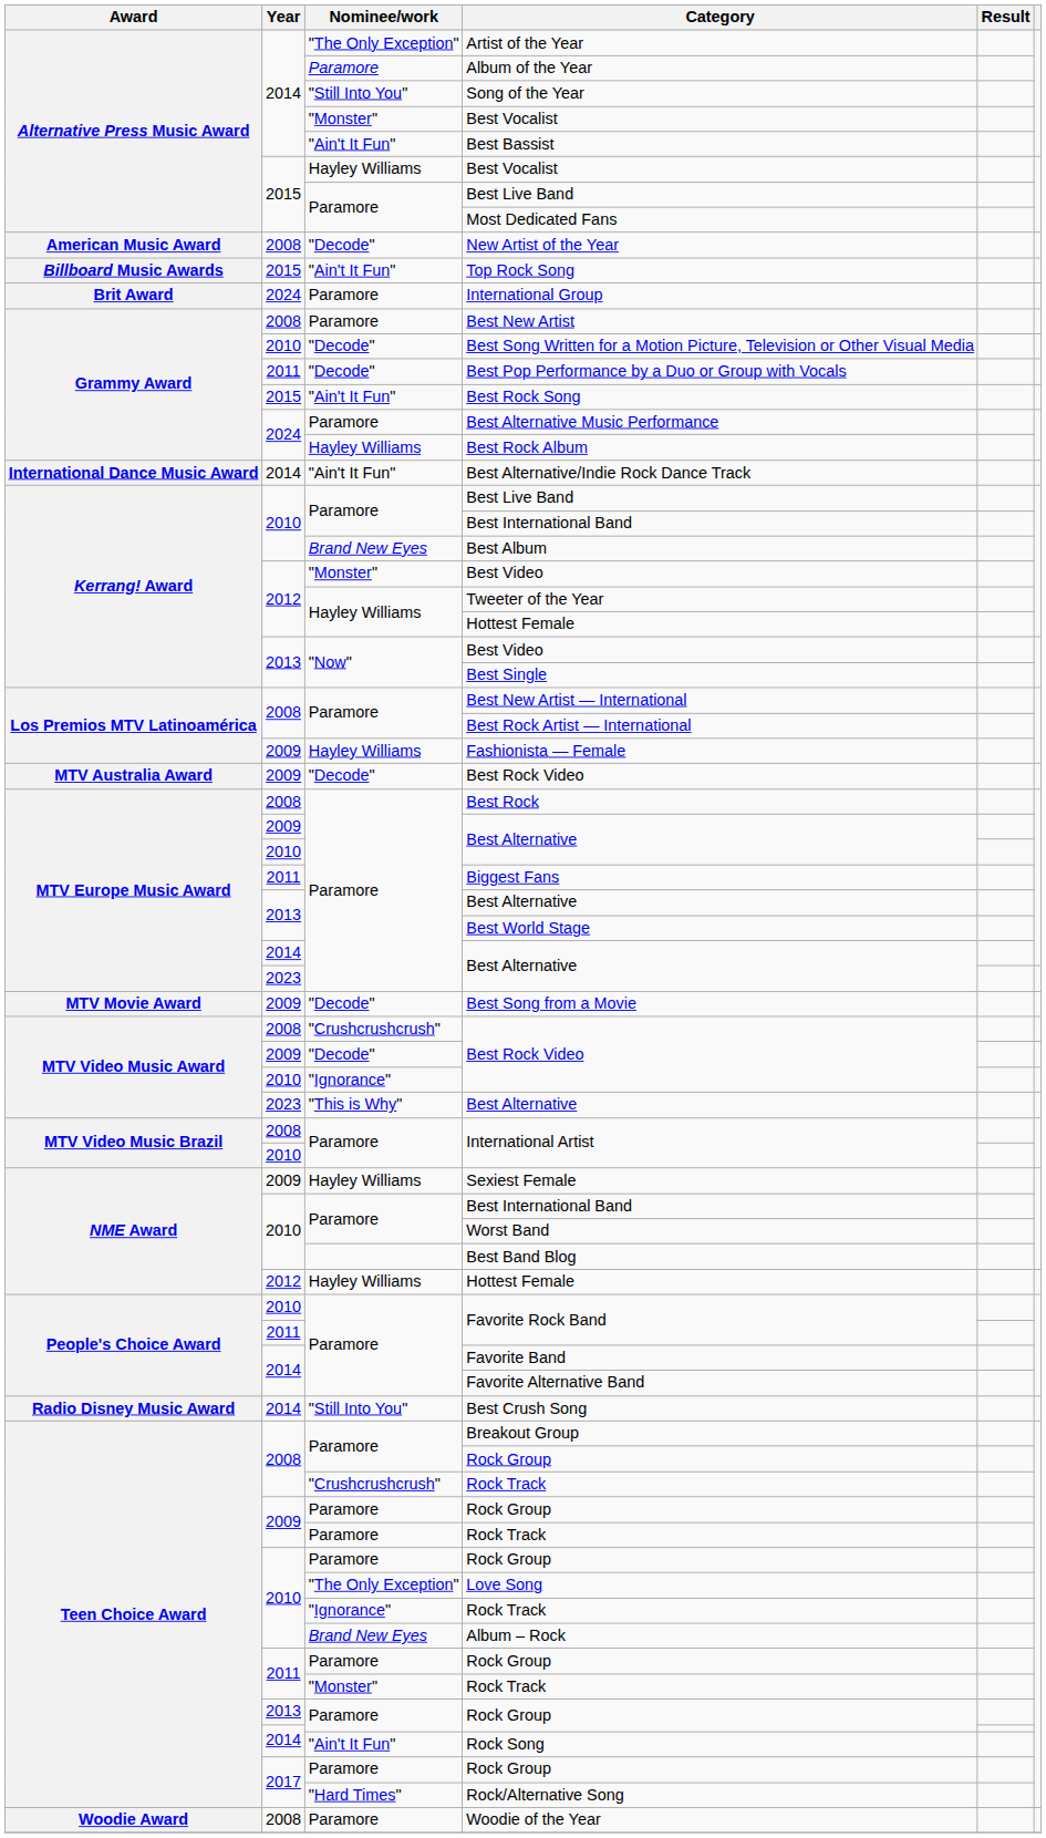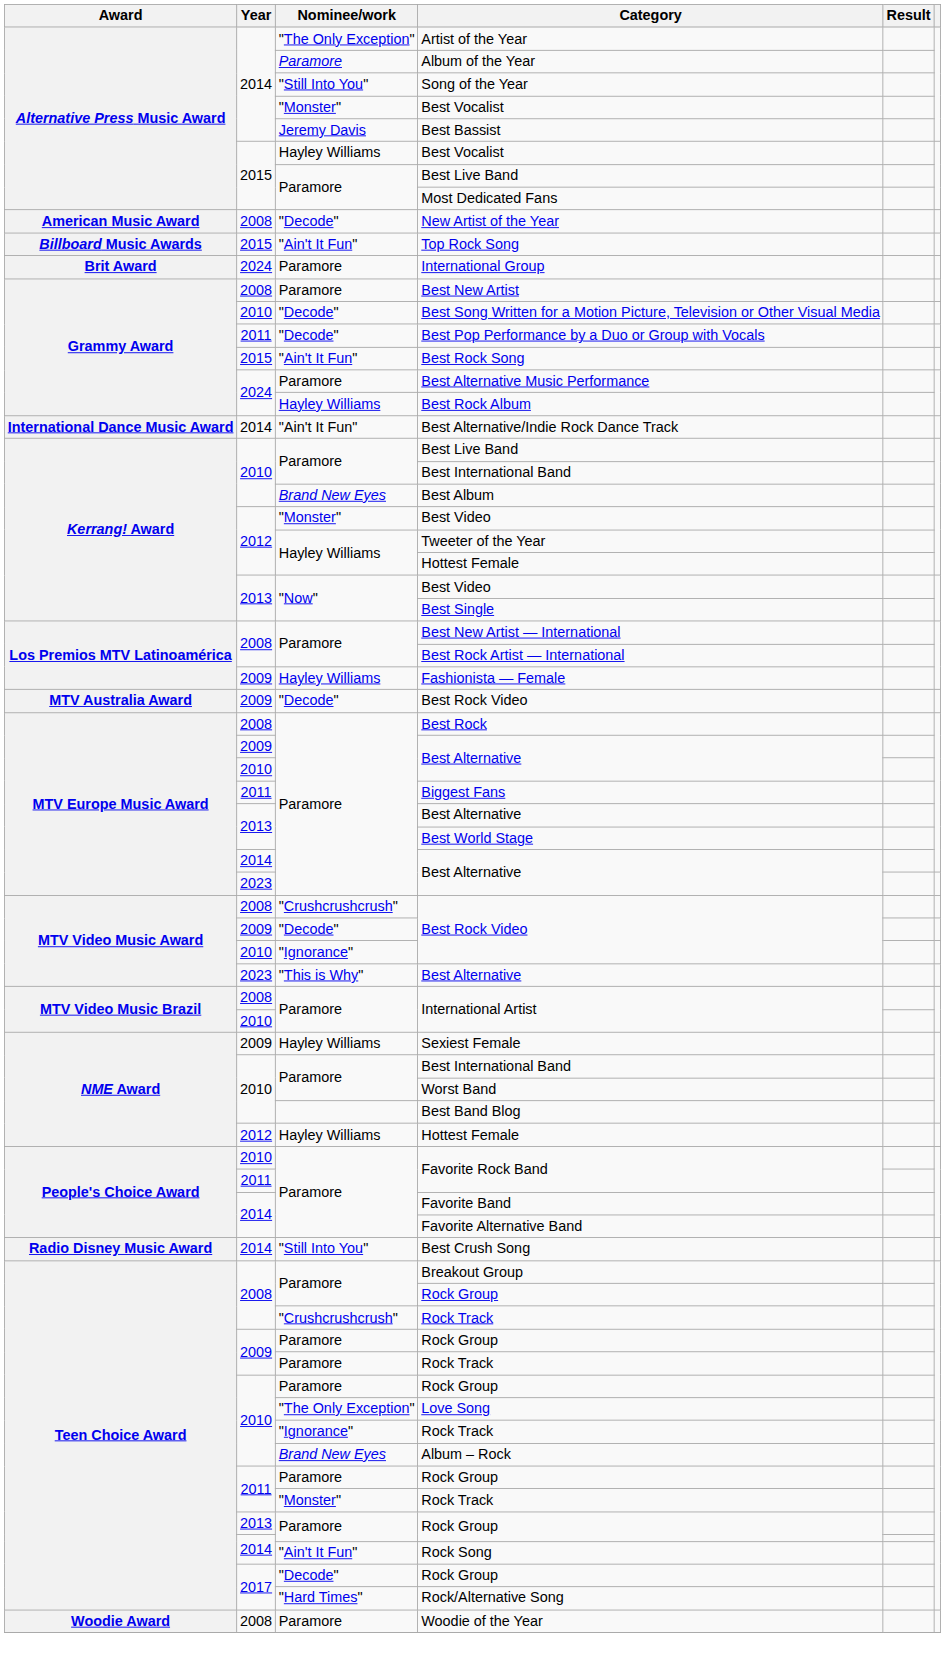 <table class="wikitable plainrowheaders sortable">
 <tr style="background:#ccc; text-align:center;">
 <th scope="col">Award</th>
 <th scope="col">Year</th>
 <th scope="col">Nominee/work</th>
 <th scope="col">Category</th>
 <th scope="col">Result</th>
 <th scope="col" class="unsortable"></th>
 </tr>
 <tr>
 <th scope="row" rowspan="8"><a href='#'><em>Alternative Press</em> Music Award</a></th>
 <td style="text-align:center;" rowspan="5">2014</td>
 <td>"<a href='#'>The Only Exception</a>"</td>
 <td>Artist of the Year</td>
 <td></td>
 <td rowspan="5"></td>
 </tr>
 <tr>
 <td><em><a href='#'>Paramore</a></em></td>
 <td>Album of the Year</td>
 <td></td>
 </tr>
 <tr>
 <td>"<a href='#'>Still Into You</a>"</td>
 <td>Song of the Year</td>
 <td></td>
 </tr>
 <tr>
 <td>"<a href='#'>Monster</a>"</td>
 <td>Best Vocalist</td>
 <td></td>
 </tr>
 <tr>
-<td>"<a href='#'>Ain't It Fun</a>"</td>
+<td><a href='#'>Jeremy Davis</a></td>
 <td>Best Bassist</td>
 <td></td>
 </tr>
 <tr>
 <td style="text-align:center;" rowspan="3">2015</td>
 <td>Hayley Williams</td>
 <td>Best Vocalist</td>
 <td></td>
 <td rowspan="3"></td>
 </tr>
 <tr>
 <td rowspan="2">Paramore</td>
 <td>Best Live Band</td>
 <td></td>
 </tr>
 <tr>
 <td>Most Dedicated Fans</td>
 <td></td>
 </tr>
 <tr>
 <th scope="row"><a href='#'>American Music Award</a></th>
 <td style="text-align:center;"><a href='#'>2008</a></td>
 <td>"<a href='#'>Decode</a>"</td>
 <td><a href='#'>New Artist of the Year</a></td>
 <td></td>
 <td></td>
 </tr>
 <tr>
 <th scope="row"><a href='#'><em>Billboard</em> Music Awards</a></th>
 <td style="text-align:center;"><a href='#'>2015</a></td>
 <td>"<a href='#'>Ain't It Fun</a>"</td>
 <td><a href='#'>Top Rock Song</a></td>
 <td></td>
 <td></td>
 </tr>
 <tr>
 <th scope="row"><a href='#'>Brit Award</a></th>
 <td style="text-align:center;"><a href='#'>2024</a></td>
 <td>Paramore</td>
 <td><a href='#'>International Group</a></td>
 <td></td>
 <td></td>
 </tr>
 <tr>
 <th scope="row" rowspan="6"><a href='#'>Grammy Award</a></th>
 <td style="text-align:center;"><a href='#'>2008</a></td>
 <td>Paramore</td>
 <td><a href='#'>Best New Artist</a></td>
 <td></td>
 <td></td>
 </tr>
 <tr>
 <td style="text-align:center;"><a href='#'>2010</a></td>
 <td>"<a href='#'>Decode</a>"</td>
 <td><a href='#'>Best Song Written for a Motion Picture, Television or Other Visual Media</a></td>
 <td></td>
 <td></td>
 </tr>
 <tr>
 <td style="text-align:center;"><a href='#'>2011</a></td>
 <td>"<a href='#'>Decode</a>"</td>
 <td><a href='#'>Best Pop Performance by a Duo or Group with Vocals</a></td>
 <td></td>
 <td></td>
 </tr>
 <tr>
 <td style="text-align:center;"><a href='#'>2015</a></td>
 <td>"<a href='#'>Ain't It Fun</a>"</td>
 <td><a href='#'>Best Rock Song</a></td>
 <td></td>
 <td></td>
 </tr>
 <tr>
 <td style="text-align:center;" rowspan="2"><a href='#'>2024</a></td>
 <td>Paramore</td>
 <td><a href='#'>Best Alternative Music Performance</a></td>
 <td></td>
 <td rowspan="2"></td>
 </tr>
 <tr>
 <td><a href='#'>Hayley Williams</a></td>
 <td><a href='#'>Best Rock Album</a></td>
 <td></td>
 </tr>
 <tr>
 <th scope="row"><a href='#'>International Dance Music Award</a></th>
 <td style="text-align:center;">2014</td>
 <td>"Ain't It Fun"</td>
 <td>Best Alternative/Indie Rock Dance Track</td>
 <td></td>
 <td></td>
 </tr>
 <tr>
 <th scope="row" rowspan="8"><a href='#'><em>Kerrang!</em> Award</a></th>
 <td style="text-align:center;" rowspan="3"><a href='#'>2010</a></td>
 <td rowspan="2">Paramore</td>
 <td>Best Live Band</td>
 <td></td>
 <td rowspan="6" style="text-align:center;"></td>
 </tr>
 <tr>
 <td>Best International Band</td>
 <td></td>
 </tr>
 <tr>
 <td><em><a href='#'>Brand New Eyes</a></em></td>
 <td>Best Album</td>
 <td></td>
 </tr>
 <tr>
 <td style="text-align:center;" rowspan="3"><a href='#'>2012</a></td>
 <td>"<a href='#'>Monster</a>"</td>
 <td>Best Video</td>
 <td></td>
 </tr>
 <tr>
 <td rowspan="2">Hayley Williams</td>
 <td>Tweeter of the Year</td>
 <td></td>
 </tr>
 <tr>
 <td>Hottest Female</td>
 <td></td>
 </tr>
 <tr>
 <td style="text-align:center;" rowspan="2"><a href='#'>2013</a></td>
 <td rowspan="2">"<a href='#'>Now</a>"</td>
 <td>Best Video</td>
 <td></td>
 <td rowspan="2"></td>
 </tr>
 <tr>
 <td><a href='#'>Best Single</a></td>
 <td></td>
 </tr>
 <tr>
 <th scope="row" rowspan="3"><a href='#'>Los Premios MTV Latinoamérica</a></th>
 <td style="text-align:center;" rowspan="2"><a href='#'>2008</a></td>
 <td rowspan="2">Paramore</td>
 <td><a href='#'>Best New Artist — International</a></td>
 <td></td>
 <td rowspan="3" style="text-align:center;"></td>
 </tr>
 <tr>
 <td><a href='#'>Best Rock Artist — International</a></td>
 <td></td>
 </tr>
 <tr>
 <td style="text-align:center;"><a href='#'>2009</a></td>
 <td><a href='#'>Hayley Williams</a></td>
 <td><a href='#'>Fashionista — Female</a></td>
 <td></td>
 </tr>
 <tr>
 <th scope="row"><a href='#'>MTV Australia Award</a></th>
 <td style="text-align:center;"><a href='#'>2009</a></td>
 <td>"<a href='#'>Decode</a>"</td>
 <td>Best Rock Video</td>
 <td></td>
 <td></td>
 </tr>
 <tr>
 <th rowspan="8" scope="row"><a href='#'>MTV Europe Music Award</a></th>
 <td style="text-align:center;"><a href='#'>2008</a></td>
 <td rowspan="8">Paramore</td>
 <td><a href='#'>Best Rock</a></td>
 <td></td>
 <td rowspan="7"></td>
 </tr>
 <tr>
 <td style="text-align:center;"><a href='#'>2009</a></td>
 <td rowspan="2"><a href='#'>Best Alternative</a></td>
 <td></td>
 </tr>
 <tr>
 <td style="text-align:center;"><a href='#'>2010</a></td>
 <td></td>
 </tr>
 <tr>
 <td style="text-align:center;"><a href='#'>2011</a></td>
 <td><a href='#'>Biggest Fans</a></td>
 <td></td>
 </tr>
 <tr>
 <td style="text-align:center;" rowspan="2"><a href='#'>2013</a></td>
 <td>Best Alternative</td>
 <td></td>
 </tr>
 <tr>
 <td><a href='#'>Best World Stage</a></td>
 <td></td>
 </tr>
 <tr>
 <td style="text-align:center;"><a href='#'>2014</a></td>
 <td rowspan="2">Best Alternative</td>
 <td></td>
 </tr>
 <tr>
 <td style="text-align:center;"><a href='#'>2023</a></td>
 <td></td>
 <td></td>
 </tr>
 <tr>
-<th scope="row"><a href='#'>MTV Movie Award</a></th>
-<td style="text-align:center;"><a href='#'>2009</a></td>
-<td>"<a href='#'>Decode</a>"</td>
-<td><a href='#'>Best Song from a Movie</a></td>
-<td></td>
-<td></td>
-</tr>
-<tr>
 <th scope="row" rowspan="4"><a href='#'>MTV Video Music Award</a></th>
 <td style="text-align:center;"><a href='#'>2008</a></td>
 <td>"<a href='#'>Crushcrushcrush</a>"</td>
 <td rowspan="3"><a href='#'>Best Rock Video</a></td>
 <td></td>
 <td></td>
 </tr>
 <tr>
 <td style="text-align:center;"><a href='#'>2009</a></td>
 <td>"<a href='#'>Decode</a>"</td>
 <td></td>
 <td></td>
 </tr>
 <tr>
 <td style="text-align:center;"><a href='#'>2010</a></td>
 <td>"<a href='#'>Ignorance</a>"</td>
 <td></td>
 <td></td>
 </tr>
 <tr>
 <td style="text-align:center;"><a href='#'>2023</a></td>
 <td>"<a href='#'>This is Why</a>"</td>
 <td><a href='#'>Best Alternative</a></td>
 <td></td>
 <td></td>
 </tr>
 <tr>
 <th scope="row" rowspan="2"><a href='#'>MTV Video Music Brazil</a></th>
 <td style="text-align:center;"><a href='#'>2008</a></td>
 <td rowspan="2">Paramore</td>
 <td rowspan="2">International Artist</td>
 <td></td>
 <td rowspan="2"></td>
 </tr>
 <tr>
 <td style="text-align:center;"><a href='#'>2010</a></td>
 <td></td>
 </tr>
 <tr>
 <th scope="row" rowspan="5"><a href='#'><em>NME</em> Award</a></th>
 <td style="text-align:center;">2009</td>
 <td>Hayley Williams</td>
 <td>Sexiest Female</td>
 <td></td>
 <td rowspan="4" style="text-align:center;"></td>
 </tr>
 <tr>
 <td style="text-align:center;" rowspan="3">2010</td>
 <td rowspan="2">Paramore</td>
 <td>Best International Band</td>
 <td></td>
 </tr>
 <tr>
 <td>Worst Band</td>
 <td></td>
 </tr>
 <tr>
 <td></td>
 <td>Best Band Blog</td>
 <td></td>
 </tr>
 <tr>
 <td style="text-align:center;"><a href='#'>2012</a></td>
 <td>Hayley Williams</td>
 <td>Hottest Female</td>
 <td></td>
 <td></td>
 </tr>
 <tr>
 <th scope="row" rowspan="4"><a href='#'>People's Choice Award</a></th>
 <td style="text-align:center;"><a href='#'>2010</a></td>
 <td rowspan="4">Paramore</td>
 <td rowspan="2">Favorite Rock Band</td>
 <td></td>
 <td rowspan="4"></td>
 </tr>
 <tr>
 <td style="text-align:center;"><a href='#'>2011</a></td>
 <td></td>
 </tr>
 <tr>
 <td style="text-align:center;" rowspan="2"><a href='#'>2014</a></td>
 <td>Favorite Band</td>
 <td></td>
 </tr>
 <tr>
 <td>Favorite Alternative Band</td>
 <td></td>
 </tr>
 <tr>
 <th scope="row"><a href='#'>Radio Disney Music Award</a></th>
 <td style="text-align:center;"><a href='#'>2014</a></td>
 <td>"<a href='#'>Still Into You</a>"</td>
 <td>Best Crush Song</td>
 <td></td>
 <td></td>
 </tr>
 <tr>
 <th scope="row" rowspan="16"><a href='#'>Teen Choice Award</a></th>
 <td style="text-align:center;" rowspan="3"><a href='#'>2008</a></td>
 <td rowspan="2">Paramore</td>
 <td>Breakout Group</td>
 <td></td>
 <td rowspan="16" style="text-align:center;"><br></td>
 </tr>
 <tr>
 <td><a href='#'>Rock Group</a></td>
 <td></td>
 </tr>
 <tr>
 <td>"<a href='#'>Crushcrushcrush</a>"</td>
 <td><a href='#'>Rock Track</a></td>
 <td></td>
 </tr>
 <tr>
 <td style="text-align:center;" rowspan="2"><a href='#'>2009</a></td>
 <td>Paramore</td>
 <td>Rock Group</td>
 <td></td>
 </tr>
 <tr>
 <td>Paramore</td>
 <td>Rock Track</td>
 <td></td>
 </tr>
 <tr>
 <td style="text-align:center;" rowspan="4"><a href='#'>2010</a></td>
 <td>Paramore</td>
 <td>Rock Group</td>
 <td></td>
 </tr>
 <tr>
 <td>"<a href='#'>The Only Exception</a>"</td>
 <td><a href='#'>Love Song</a></td>
 <td></td>
 </tr>
 <tr>
 <td>"<a href='#'>Ignorance</a>"</td>
 <td>Rock Track</td>
 <td></td>
 </tr>
 <tr>
 <td><em><a href='#'>Brand New Eyes</a></em></td>
 <td>Album – Rock</td>
 <td></td>
 </tr>
 <tr>
 <td style="text-align:center;" rowspan="2"><a href='#'>2011</a></td>
 <td>Paramore</td>
 <td>Rock Group</td>
 <td></td>
 </tr>
 <tr>
 <td>"<a href='#'>Monster</a>"</td>
 <td>Rock Track</td>
 <td></td>
 </tr>
 <tr>
 <td style="text-align:center;"><a href='#'>2013</a></td>
 <td rowspan="2">Paramore</td>
 <td rowspan="2">Rock Group</td>
 <td></td>
 </tr>
 <tr>
 <td style="text-align:center;" rowspan="2"><a href='#'>2014</a></td>
 <td></td>
 </tr>
 <tr>
 <td>"<a href='#'>Ain't It Fun</a>"</td>
 <td>Rock Song</td>
 <td></td>
 </tr>
 <tr>
 <td style="text-align:center;" rowspan="2"><a href='#'>2017</a></td>
-<td>Paramore</td>
+<td>"<a href='#'>Decode</a>"</td>
 <td>Rock Group</td>
 <td></td>
 </tr>
 <tr>
 <td>"<a href='#'>Hard Times</a>"</td>
 <td>Rock/Alternative Song</td>
 <td></td>
 </tr>
 <tr>
 <th scope="row"><a href='#'>Woodie Award</a></th>
 <td style="text-align:center;">2008</td>
 <td>Paramore</td>
 <td>Woodie of the Year</td>
 <td></td>
 <td></td>
 </tr>
 <tr>
 </tr>
 </table>
